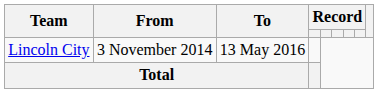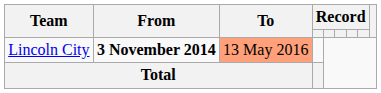 <table class="wikitable" style="text-align: center">
 <tr>
 <th rowspan="2">Team</th>
 <th rowspan="2">From</th>
 <th rowspan="2">To</th>
 <th colspan="5">Record</th>
 <th rowspan="2"></th>
 </tr>
 <tr>
 <th></th>
 <th></th>
 <th></th>
 <th></th>
 <th></th>
 </tr>
 <tr>
 <td align=left><a href='#'>Lincoln City</a></td>
-<td align=left>3 November 2014</td>
-<td align=left>13 May 2016<br></td>
+<td align=left><strong>3 November 2014</strong></td>
+<td align=left style="background: lightsalmon;">13 May 2016<br></td>
 <td></td>
 </tr>
 <tr>
 <th colspan="3">Total<br></th>
 <th></th>
 </tr>
 </table>
